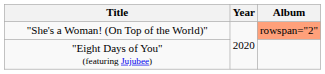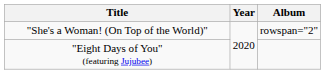 <table class="wikitable plainrowheaders" style="text-align:center;">
 <tr>
 <th style="width:20em;">Title</th>
 <th>Year</th>
 <th>Album</th>
 </tr>
 <tr>
 <td>"She's a Woman! (On Top of the World)"</td>
 <td rowspan="2">2020</td>
-<td style="background: lightsalmon;">rowspan="2" </td>
+<td>rowspan="2" </td>
 </tr>
 <tr>
 <td>"Eight Days of You"<br><small>(featuring <a href='#'>Jujubee</a>)</small></td>
 </tr>
 </table>
